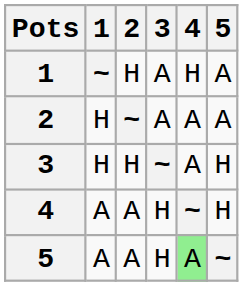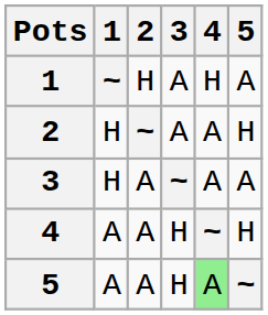 <table class="wikitable" style="text-align:center">
 <tr>
 <th>Pots</th>
 <th>1</th>
 <th>2</th>
 <th>3</th>
 <th>4</th>
 <th>5</th>
 </tr>
 <tr>
 <th>1</th>
 <th>~</th>
 <td>H</td>
 <td>A</td>
 <td>H</td>
 <td>A</td>
 </tr>
 <tr>
 <th>2</th>
 <td>H</td>
 <th>~</th>
 <td>A</td>
 <td>A</td>
-<td>A</td>
+<td>H</td>
 </tr>
 <tr>
 <th>3</th>
 <td>H</td>
-<td>H</td>
+<td>A</td>
 <th>~</th>
 <td>A</td>
-<td>H</td>
+<td>A</td>
 </tr>
 <tr>
 <th>4</th>
 <td>A</td>
 <td>A</td>
 <td>H</td>
 <th>~</th>
 <td>H</td>
 </tr>
 <tr>
 <th>5</th>
 <td>A</td>
 <td>A</td>
 <td>H</td>
 <td style="background: lightgreen;">A</td>
 <th>~</th>
 </tr>
 </table>
